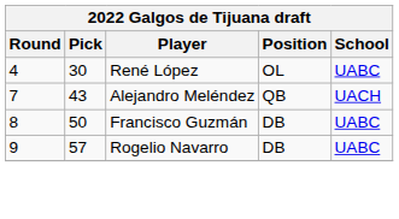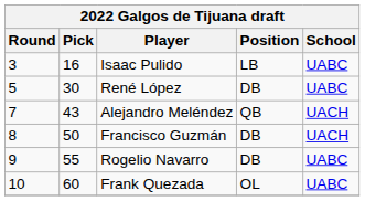 <table class="wikitable" style="text-align:left">
 <tr>
 <th colspan=5>2022 Galgos de Tijuana draft</th>
 </tr>
 <tr>
 <th>Round</th>
 <th>Pick</th>
 <th>Player</th>
 <th>Position</th>
 <th>School</th>
 </tr>
 <tr>
-<td>4</td>
+<td>3</td>
+<td>16</td>
+<td>Isaac Pulido</td>
+<td>LB</td>
+<td><a href='#'>UABC</a></td>
+</tr>
+<tr>
+<td>5</td>
 <td>30</td>
 <td>René López</td>
-<td>OL</td>
+<td>DB</td>
 <td><a href='#'>UABC</a></td>
 </tr>
 <tr>
 <td>7</td>
 <td>43</td>
 <td>Alejandro Meléndez</td>
 <td>QB</td>
 <td><a href='#'>UACH</a></td>
 </tr>
 <tr>
 <td>8</td>
 <td>50</td>
 <td>Francisco Guzmán</td>
 <td>DB</td>
-<td><a href='#'>UABC</a></td>
+<td><a href='#'>UACH</a></td>
 </tr>
 <tr>
 <td>9</td>
-<td>57</td>
+<td>55</td>
 <td>Rogelio Navarro</td>
 <td>DB</td>
 <td><a href='#'>UABC</a></td>
 </tr>
 <tr>
+<td>10</td>
+<td>60</td>
+<td>Frank Quezada</td>
+<td>OL</td>
+<td><a href='#'>UABC</a></td>
+</tr>
+<tr>
 </tr>
 </table>
